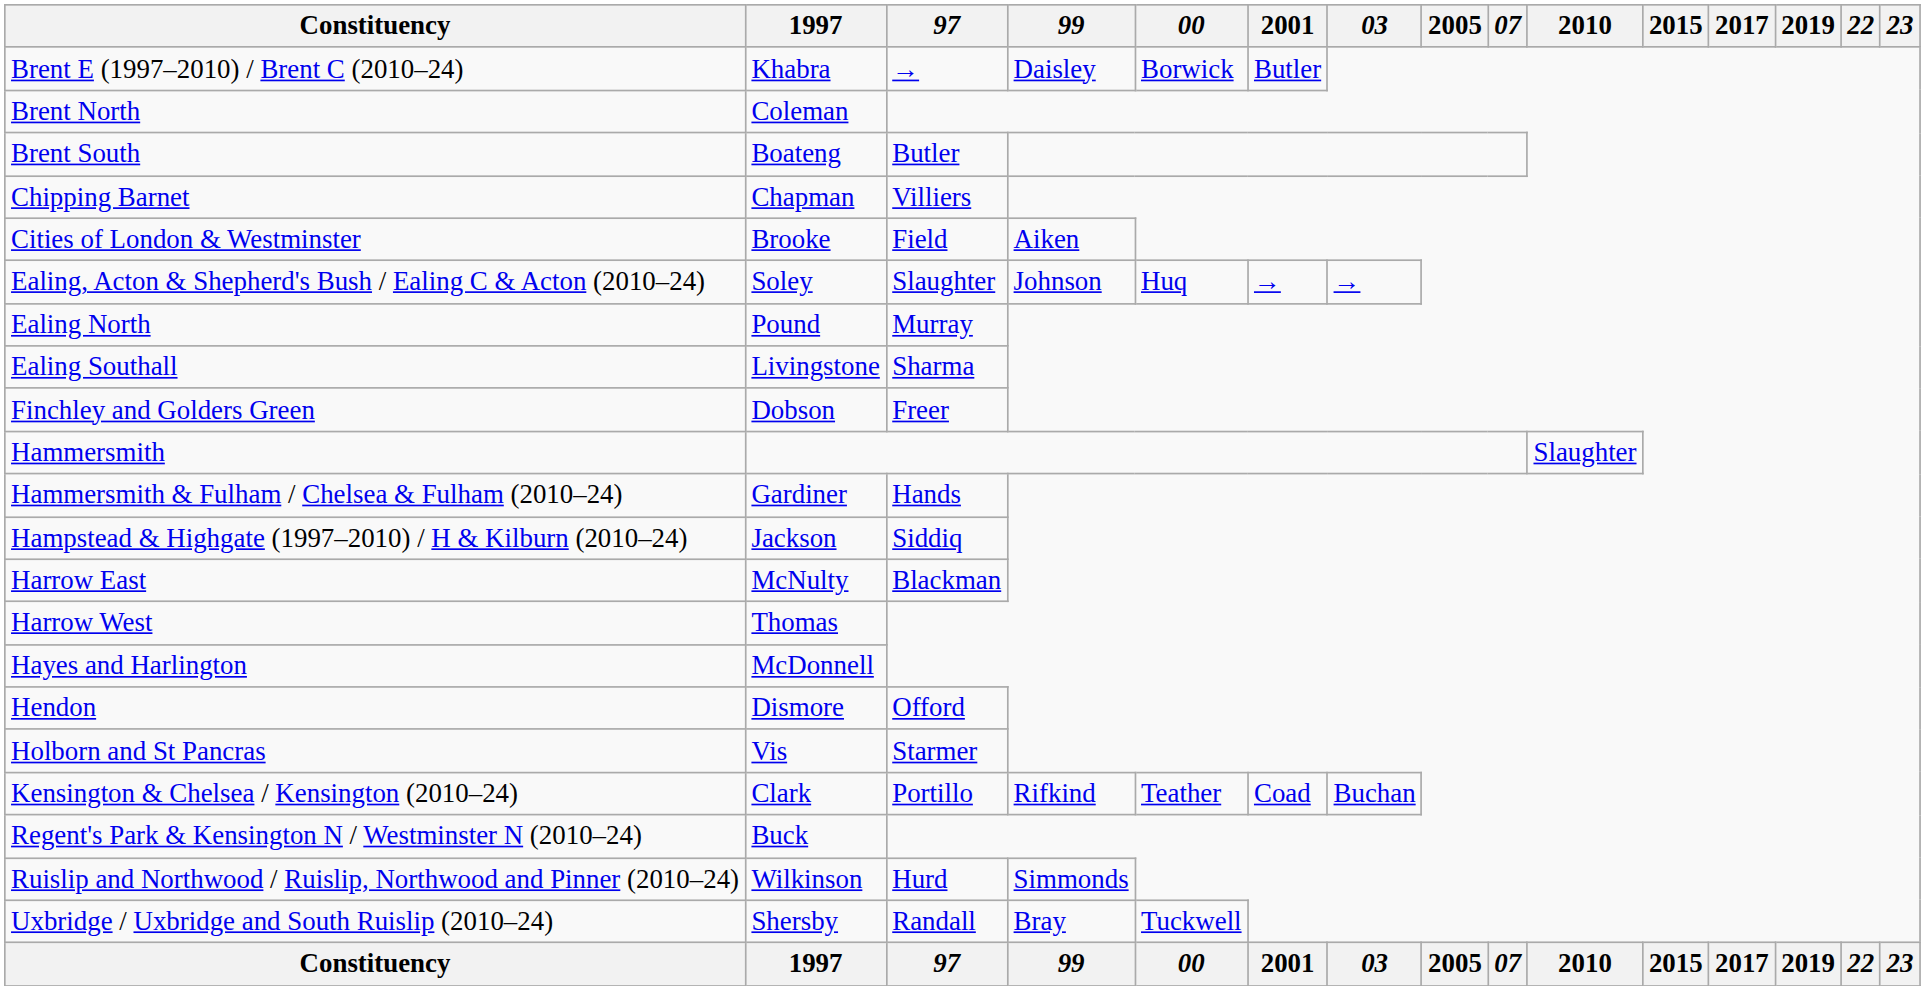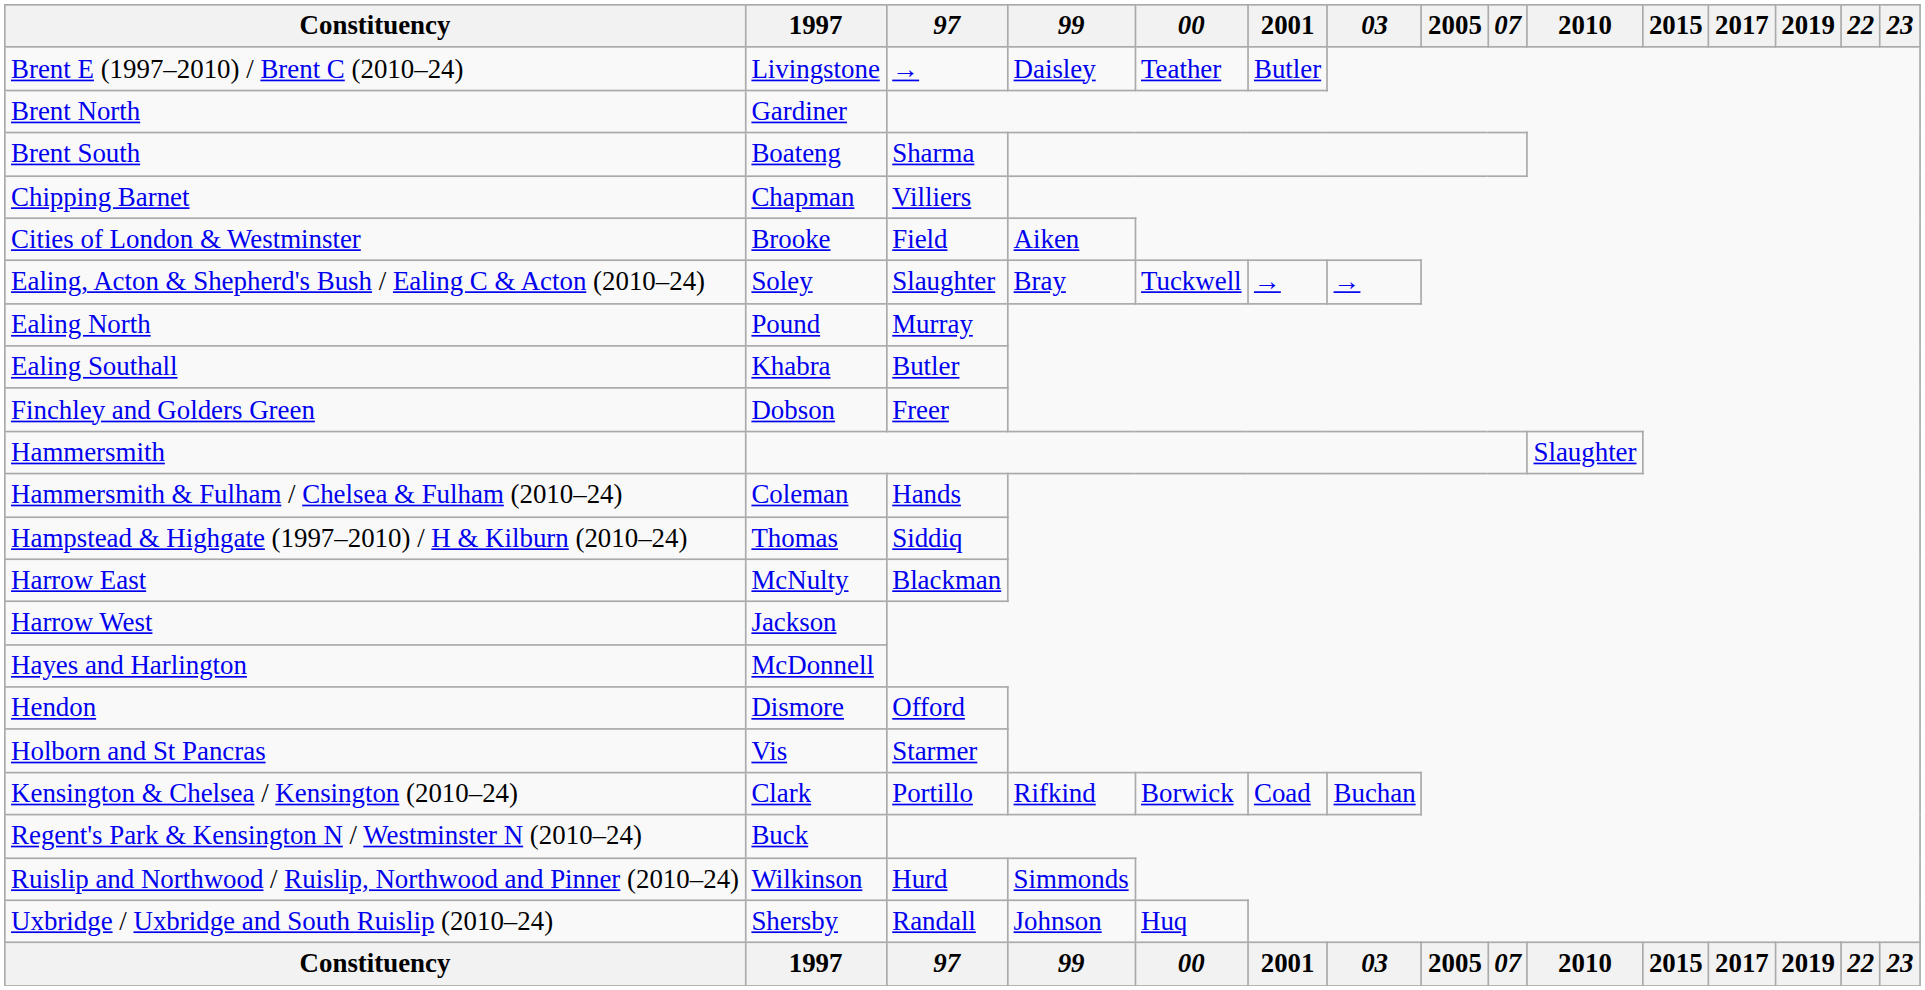 <table class="wikitable">
 <tr>
 <th>Constituency</th>
 <th>1997</th>
 <th><em>97</em></th>
 <th><em>99</em></th>
 <th><em>00</em></th>
 <th>2001</th>
 <th><em>03</em></th>
 <th>2005</th>
 <th><em>07</em></th>
 <th>2010</th>
 <th>2015</th>
 <th>2017</th>
 <th>2019</th>
 <th><em>22</em></th>
 <th><em>23</em></th>
 </tr>
 <tr>
 <td><a href='#'>Brent E</a> (1997–2010) / <a href='#'>Brent C</a>  (2010–24)</td>
-<td><a href='#'>Khabra</a></td>
+<td><a href='#'>Livingstone</a></td>
 <td><a href='#'>→</a></td>
 <td><a href='#'>Daisley</a></td>
-<td><a href='#'>Borwick</a></td>
+<td><a href='#'>Teather</a></td>
 <td><a href='#'>Butler</a></td>
 </tr>
 <tr>
 <td><a href='#'>Brent North</a></td>
-<td><a href='#'>Coleman</a></td>
+<td><a href='#'>Gardiner</a></td>
 </tr>
 <tr>
 <td><a href='#'>Brent South</a></td>
 <td><a href='#'>Boateng</a></td>
-<td><a href='#'>Butler</a></td>
+<td><a href='#'>Sharma</a></td>
 <td colspan="6"></td>
 </tr>
 <tr>
 <td><a href='#'>Chipping Barnet</a></td>
 <td><a href='#'>Chapman</a></td>
 <td><a href='#'>Villiers</a></td>
 </tr>
 <tr>
 <td><a href='#'>Cities of London & Westminster</a></td>
 <td><a href='#'>Brooke</a></td>
 <td><a href='#'>Field</a></td>
 <td><a href='#'>Aiken</a></td>
 </tr>
 <tr>
 <td><a href='#'>Ealing, Acton & Shepherd's Bush</a> / <a href='#'>Ealing C & Acton</a> (2010–24)</td>
 <td><a href='#'>Soley</a></td>
 <td><a href='#'>Slaughter</a></td>
-<td><a href='#'>Johnson</a></td>
-<td><a href='#'>Huq</a></td>
+<td><a href='#'>Bray</a></td>
+<td><a href='#'>Tuckwell</a></td>
 <td><a href='#'>→</a></td>
 <td><a href='#'>→</a></td>
 </tr>
 <tr>
 <td><a href='#'>Ealing North</a></td>
 <td><a href='#'>Pound</a></td>
 <td><a href='#'>Murray</a></td>
 </tr>
 <tr>
 <td><a href='#'>Ealing Southall</a></td>
-<td><a href='#'>Livingstone</a></td>
-<td><a href='#'>Sharma</a></td>
+<td><a href='#'>Khabra</a></td>
+<td><a href='#'>Butler</a></td>
 </tr>
 <tr>
 <td><a href='#'>Finchley and Golders Green</a></td>
 <td><a href='#'>Dobson</a></td>
 <td><a href='#'>Freer</a></td>
 </tr>
 <tr>
 <td><a href='#'>Hammersmith</a></td>
 <td colspan="8"></td>
 <td><a href='#'>Slaughter</a></td>
 </tr>
 <tr>
 <td><a href='#'>Hammersmith & Fulham</a> / <a href='#'>Chelsea & Fulham</a> (2010–24)</td>
-<td><a href='#'>Gardiner</a></td>
+<td><a href='#'>Coleman</a></td>
 <td><a href='#'>Hands</a></td>
 </tr>
 <tr>
 <td><a href='#'>Hampstead & Highgate</a> (1997–2010) / <a href='#'>H & Kilburn</a> (2010–24)</td>
-<td><a href='#'>Jackson</a></td>
+<td><a href='#'>Thomas</a></td>
 <td><a href='#'>Siddiq</a></td>
 </tr>
 <tr>
 <td><a href='#'>Harrow East</a></td>
 <td><a href='#'>McNulty</a></td>
 <td><a href='#'>Blackman</a></td>
 </tr>
 <tr>
 <td><a href='#'>Harrow West</a></td>
-<td><a href='#'>Thomas</a></td>
+<td><a href='#'>Jackson</a></td>
 </tr>
 <tr>
 <td><a href='#'>Hayes and Harlington</a></td>
 <td><a href='#'>McDonnell</a></td>
 </tr>
 <tr>
 <td><a href='#'>Hendon</a></td>
 <td><a href='#'>Dismore</a></td>
 <td><a href='#'>Offord</a></td>
 </tr>
 <tr>
 <td><a href='#'>Holborn and St Pancras</a></td>
 <td><a href='#'>Vis</a></td>
 <td><a href='#'>Starmer</a></td>
 </tr>
 <tr>
 <td><a href='#'>Kensington & Chelsea</a> / <a href='#'>Kensington</a> (2010–24)</td>
 <td><a href='#'>Clark</a></td>
 <td><a href='#'>Portillo</a></td>
 <td><a href='#'>Rifkind</a></td>
-<td><a href='#'>Teather</a></td>
+<td><a href='#'>Borwick</a></td>
 <td><a href='#'>Coad</a></td>
 <td><a href='#'>Buchan</a></td>
 </tr>
 <tr>
 <td><a href='#'>Regent's Park & Kensington N</a> / <a href='#'>Westminster N</a> (2010–24)</td>
 <td><a href='#'>Buck</a></td>
 </tr>
 <tr>
 <td><a href='#'>Ruislip and Northwood</a> / <a href='#'>Ruislip, Northwood and Pinner</a> (2010–24)</td>
 <td><a href='#'>Wilkinson</a></td>
 <td><a href='#'>Hurd</a></td>
 <td><a href='#'>Simmonds</a></td>
 </tr>
 <tr>
 <td><a href='#'>Uxbridge</a> / <a href='#'>Uxbridge and South Ruislip</a> (2010–24)</td>
 <td><a href='#'>Shersby</a></td>
 <td><a href='#'>Randall</a></td>
-<td><a href='#'>Bray</a></td>
-<td><a href='#'>Tuckwell</a></td>
+<td><a href='#'>Johnson</a></td>
+<td><a href='#'>Huq</a></td>
 </tr>
 <tr>
 <th>Constituency</th>
 <th>1997</th>
 <th><em>97</em></th>
 <th><em>99</em></th>
 <th><em>00</em></th>
 <th>2001</th>
 <th><em>03</em></th>
 <th>2005</th>
 <th><em>07</em></th>
 <th>2010</th>
 <th>2015</th>
 <th>2017</th>
 <th>2019</th>
 <th><em>22</em></th>
 <th><em>23</em></th>
 </tr>
 </table>
